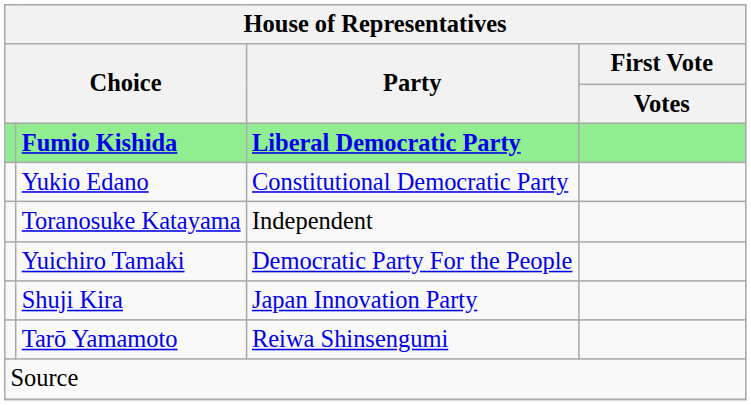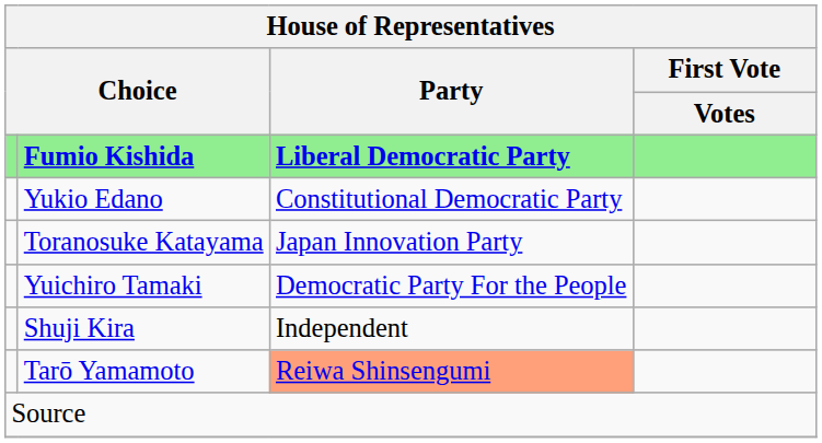 <table class="wikitable" style="font-size:98%;">
 <tr>
 <th colspan="4">House of Representatives</th>
 </tr>
 <tr>
 <th align="left" rowspan="2" colspan="2" width="100">Choice</th>
 <th rowspan="2">Party</th>
 <th colspan="2">First Vote</th>
 </tr>
 <tr>
 <th width="100">Votes</th>
 </tr>
 <tr style="background:lightgreen;">
 <td style="color:inherit;background:"></td>
 <td style="text-align:left;"><strong><a href='#'>Fumio Kishida</a></strong></td>
 <td style="text-align:left;"><strong><a href='#'>Liberal Democratic Party</a></strong></td>
 <td><strong></strong></td>
 </tr>
 <tr>
 <td style="color:inherit;background:"></td>
 <td style="text-align:left;"><a href='#'>Yukio Edano</a></td>
 <td style="text-align:left;"><a href='#'>Constitutional Democratic Party</a></td>
 <td></td>
 </tr>
 <tr>
 <td style="color:inherit;background:"></td>
 <td style="text-align:left;"><a href='#'>Toranosuke Katayama</a></td>
-<td style="text-align:left;">Independent</td>
+<td style="text-align:left;"><a href='#'>Japan Innovation Party</a></td>
 <td></td>
 </tr>
 <tr>
 <td style="color:inherit;background:"></td>
 <td style="text-align:left;"><a href='#'>Yuichiro Tamaki</a></td>
 <td style="text-align:left;"><a href='#'>Democratic Party For the People</a></td>
 <td></td>
 </tr>
 <tr>
 <td style="color:inherit;background:"></td>
 <td style="text-align:left;"><a href='#'>Shuji Kira</a></td>
-<td style="text-align:left;"><a href='#'>Japan Innovation Party</a></td>
+<td style="text-align:left;">Independent</td>
 <td></td>
 </tr>
 <tr>
 <td style="color:inherit;background:"></td>
 <td style="text-align:left;"><a href='#'>Tarō Yamamoto</a></td>
-<td style="text-align:left;"><a href='#'>Reiwa Shinsengumi</a></td>
+<td style="background: lightsalmon; text-align:left;"><a href='#'>Reiwa Shinsengumi</a></td>
 <td></td>
 </tr>
 <tr>
 <td colspan=4>Source</td>
 </tr>
 <tr>
 </tr>
 </table>
